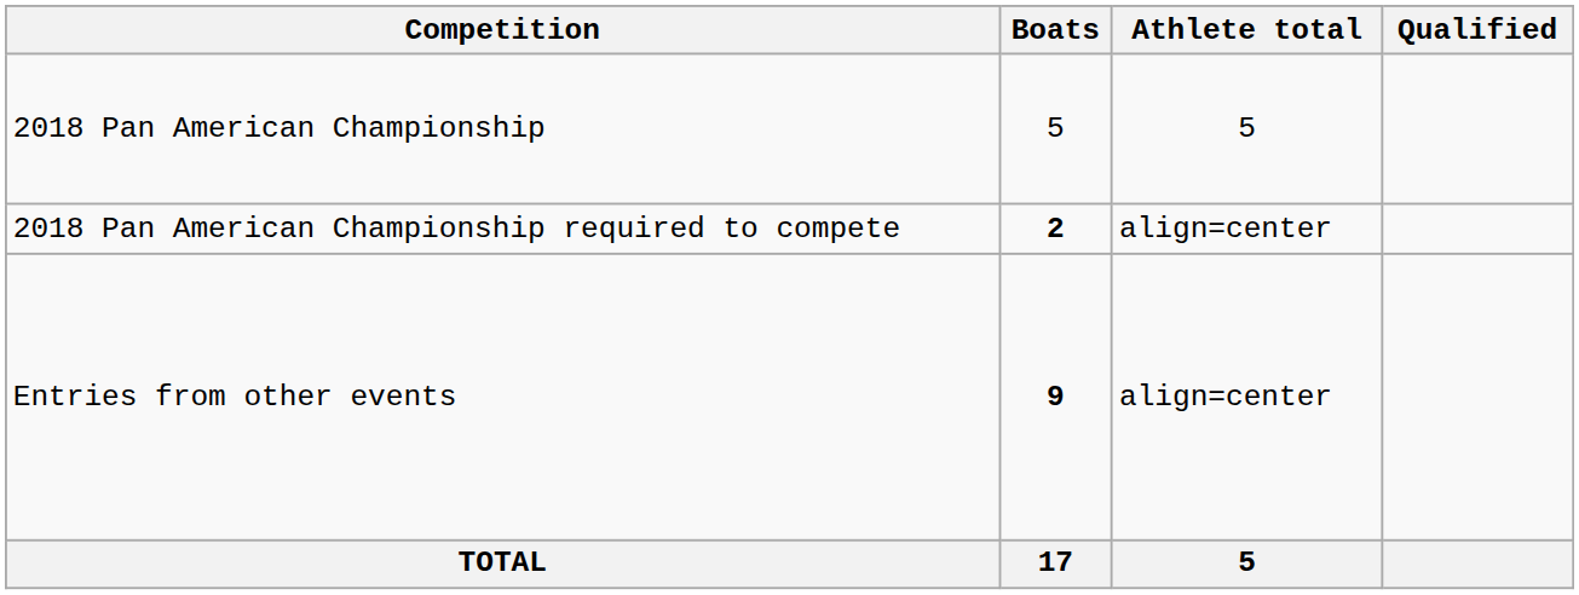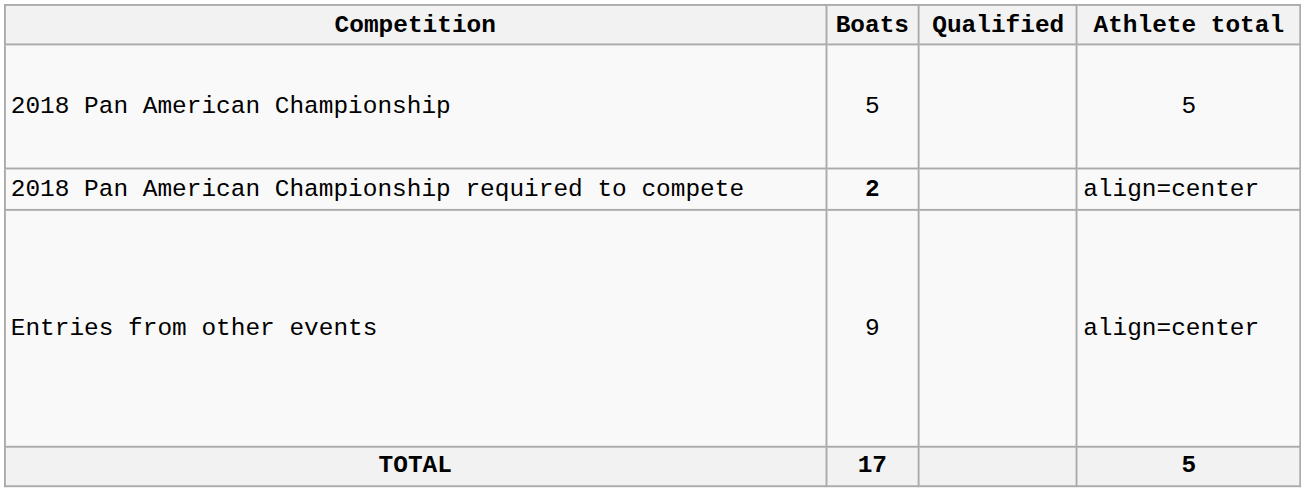 <table class="wikitable" width=690>
 <tr>
 <th>Competition</th>
 <th>Boats</th>
+<th>Qualified</th>
 <th>Athlete total</th>
-<th>Qualified</th>
 </tr>
 <tr>
 <td>2018 Pan American Championship</td>
 <td align=center>5</td>
+<td><br><br><br><br></td>
 <td align=center>5</td>
-<td><br><br><br><br></td>
 </tr>
 <tr>
 <td>2018 Pan American Championship required to compete</td>
 <td align=center><strong>2</strong></td>
+<td><br></td>
 <td>align=center </td>
-<td><br></td>
 </tr>
 <tr>
 <td>Entries from other events</td>
-<td align=center><strong>9</strong></td>
+<td align=center>9</td>
+<td><br><br><br><br><br><br><br><br></td>
 <td>align=center </td>
-<td><br><br><br><br><br><br><br><br></td>
 </tr>
 <tr>
 <th>TOTAL</th>
 <th>17</th>
+<th></th>
 <th>5</th>
-<th></th>
 </tr>
 </table>
